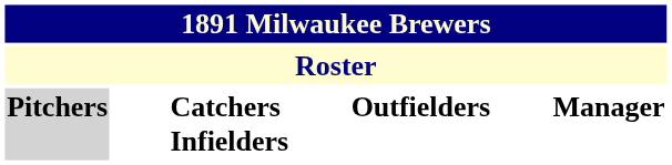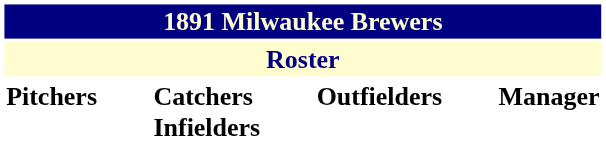 <table class="toccolours" style="font-size: 95%;">
 <tr>
 <th colspan="10" style="background-color: navy; color: #FFFDD0; text-align: center;">1891 Milwaukee Brewers</th>
 </tr>
 <tr>
 <td colspan="10" style="background-color:#FFFDD0; color: navy; text-align: center;"><strong>Roster</strong></td>
 </tr>
 <tr>
-<td valign="top" style="background: lightgrey;"><strong>Pitchers</strong><br>    </td>
+<td valign="top"><strong>Pitchers</strong><br>    </td>
 <td width="25px"></td>
 <td valign="top"><strong>Catchers</strong><br>  <strong>Infielders</strong>     </td>
 <td width="25px"></td>
 <td valign="top"><strong>Outfielders</strong><br>   </td>
 <td width="25px"></td>
 <td valign="top"><strong>Manager</strong><br></td>
 </tr>
 </table>
